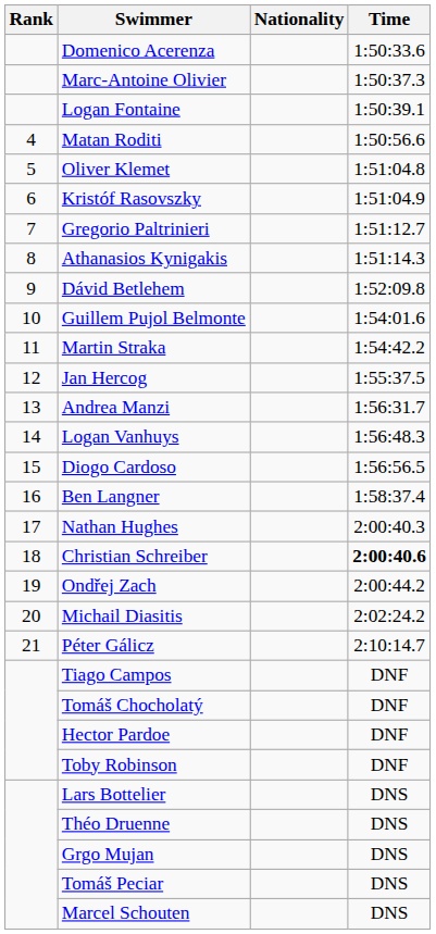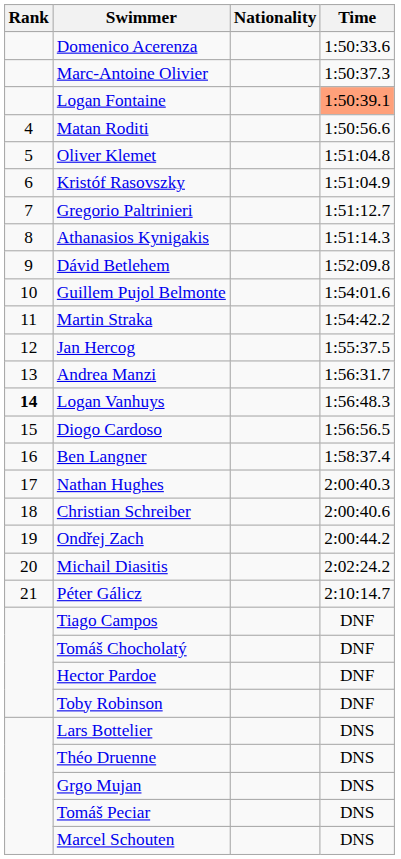 <table class="wikitable sortable" style="text-align:center">
 <tr>
 <th>Rank</th>
 <th>Swimmer</th>
 <th>Nationality</th>
 <th>Time</th>
 </tr>
 <tr>
 <td></td>
 <td align=left><a href='#'>Domenico Acerenza</a></td>
 <td align=left></td>
 <td>1:50:33.6</td>
 </tr>
 <tr>
 <td></td>
 <td align=left><a href='#'>Marc-Antoine Olivier</a></td>
 <td align=left></td>
 <td>1:50:37.3</td>
 </tr>
 <tr>
 <td></td>
 <td align=left><a href='#'>Logan Fontaine</a></td>
 <td align=left></td>
-<td>1:50:39.1</td>
+<td style="background: lightsalmon;">1:50:39.1</td>
 </tr>
 <tr>
 <td>4</td>
 <td align=left><a href='#'>Matan Roditi</a></td>
 <td align=left></td>
 <td>1:50:56.6</td>
 </tr>
 <tr>
 <td>5</td>
 <td align=left><a href='#'>Oliver Klemet</a></td>
 <td align=left></td>
 <td>1:51:04.8</td>
 </tr>
 <tr>
 <td>6</td>
 <td align=left><a href='#'>Kristóf Rasovszky</a></td>
 <td align=left></td>
 <td>1:51:04.9</td>
 </tr>
 <tr>
 <td>7</td>
 <td align=left><a href='#'>Gregorio Paltrinieri</a></td>
 <td align=left></td>
 <td>1:51:12.7</td>
 </tr>
 <tr>
 <td>8</td>
 <td align=left><a href='#'>Athanasios Kynigakis</a></td>
 <td align=left></td>
 <td>1:51:14.3</td>
 </tr>
 <tr>
 <td>9</td>
 <td align=left><a href='#'>Dávid Betlehem</a></td>
 <td align=left></td>
 <td>1:52:09.8</td>
 </tr>
 <tr>
 <td>10</td>
 <td align=left><a href='#'>Guillem Pujol Belmonte</a></td>
 <td align=left></td>
 <td>1:54:01.6</td>
 </tr>
 <tr>
 <td>11</td>
 <td align=left><a href='#'>Martin Straka</a></td>
 <td align=left></td>
 <td>1:54:42.2</td>
 </tr>
 <tr>
 <td>12</td>
 <td align=left><a href='#'>Jan Hercog</a></td>
 <td align=left></td>
 <td>1:55:37.5</td>
 </tr>
 <tr>
 <td>13</td>
 <td align=left><a href='#'>Andrea Manzi</a></td>
 <td align=left></td>
 <td>1:56:31.7</td>
 </tr>
 <tr>
-<td>14</td>
+<td><strong>14</strong></td>
 <td align=left><a href='#'>Logan Vanhuys</a></td>
 <td align=left></td>
 <td>1:56:48.3</td>
 </tr>
 <tr>
 <td>15</td>
 <td align=left><a href='#'>Diogo Cardoso</a></td>
 <td align=left></td>
 <td>1:56:56.5</td>
 </tr>
 <tr>
 <td>16</td>
 <td align=left><a href='#'>Ben Langner</a></td>
 <td align=left></td>
 <td>1:58:37.4</td>
 </tr>
 <tr>
 <td>17</td>
 <td align=left><a href='#'>Nathan Hughes</a></td>
 <td align=left></td>
 <td>2:00:40.3</td>
 </tr>
 <tr>
 <td>18</td>
 <td align=left><a href='#'>Christian Schreiber</a></td>
 <td align=left></td>
-<td><strong>2:00:40.6</strong></td>
+<td>2:00:40.6</td>
 </tr>
 <tr>
 <td>19</td>
 <td align=left><a href='#'>Ondřej Zach</a></td>
 <td align=left></td>
 <td>2:00:44.2</td>
 </tr>
 <tr>
 <td>20</td>
 <td align=left><a href='#'>Michail Diasitis</a></td>
 <td align=left></td>
 <td>2:02:24.2</td>
 </tr>
 <tr>
 <td>21</td>
 <td align=left><a href='#'>Péter Gálicz</a></td>
 <td align=left></td>
 <td>2:10:14.7</td>
 </tr>
 <tr>
 <td rowspan=4></td>
 <td align=left><a href='#'>Tiago Campos</a></td>
 <td align=left></td>
 <td>DNF</td>
 </tr>
 <tr>
 <td align=left><a href='#'>Tomáš Chocholatý</a></td>
 <td align=left></td>
 <td>DNF</td>
 </tr>
 <tr>
 <td align=left><a href='#'>Hector Pardoe</a></td>
 <td align=left></td>
 <td>DNF</td>
 </tr>
 <tr>
 <td align=left><a href='#'>Toby Robinson</a></td>
 <td align=left></td>
 <td>DNF</td>
 </tr>
 <tr>
 <td rowspan=5></td>
 <td align=left><a href='#'>Lars Bottelier</a></td>
 <td align=left></td>
 <td>DNS</td>
 </tr>
 <tr>
 <td align=left><a href='#'>Théo Druenne</a></td>
 <td align=left></td>
 <td>DNS</td>
 </tr>
 <tr>
 <td align=left><a href='#'>Grgo Mujan</a></td>
 <td align=left></td>
 <td>DNS</td>
 </tr>
 <tr>
 <td align=left><a href='#'>Tomáš Peciar</a></td>
 <td align=left></td>
 <td>DNS</td>
 </tr>
 <tr>
 <td align=left><a href='#'>Marcel Schouten</a></td>
 <td align=left></td>
 <td>DNS</td>
 </tr>
 </table>
